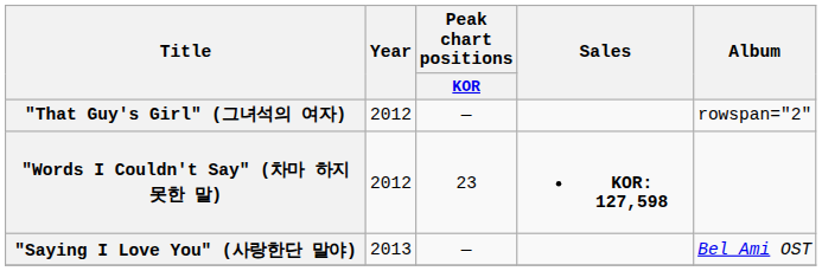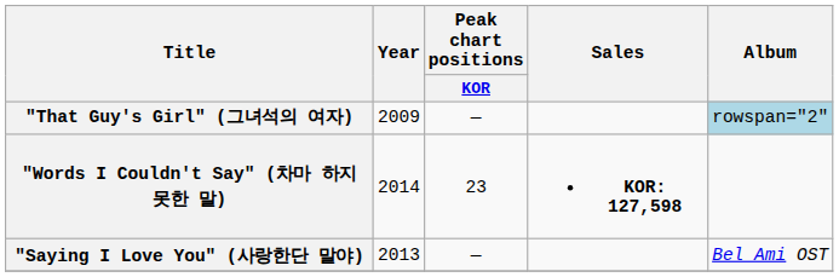 <table class="wikitable plainrowheaders" style="text-align:center;">
 <tr>
 <th rowspan="2" scope="col">Title</th>
 <th rowspan="2" scope="col">Year</th>
 <th scope="col">Peak chart positions</th>
 <th rowspan="2" scope="col">Sales</th>
 <th rowspan="2" scope="col">Album</th>
 </tr>
 <tr>
 <th scope="col" style="width:2.5em;font-size:90%;"><a href='#'>KOR</a><br></th>
 </tr>
 <tr>
 <th scope="row">"That Guy's Girl" (그녀석의 여자)<br></th>
-<td>2012</td>
+<td>2009</td>
 <td>—</td>
 <td></td>
-<td>rowspan="2" </td>
+<td style="background: lightblue;">rowspan="2" </td>
 </tr>
 <tr>
 <th scope="row">"Words I Couldn't Say" (차마 하지 못한 말)</th>
-<td>2012</td>
+<td>2014</td>
 <td>23</td>
 <td><strong><br><ul><li>KOR: 127,598</li></ul></strong></td>
 </tr>
 <tr>
 <th scope="row">"Saying I Love You" (사랑한단 말야)</th>
 <td>2013</td>
 <td>—</td>
 <td></td>
 <td><em><a href='#'>Bel Ami</a> OST</em></td>
 </tr>
 <tr>
 </tr>
 </table>
